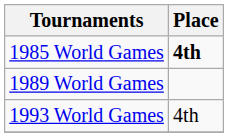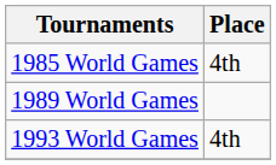 <table class="wikitable collapsible">
 <tr>
 <th>Tournaments</th>
 <th>Place</th>
 </tr>
 <tr>
 <td><a href='#'>1985 World Games</a></td>
-<td><strong>4th</strong></td>
+<td>4th</td>
 </tr>
 <tr>
 <td><a href='#'>1989 World Games</a></td>
 <td></td>
 </tr>
 <tr>
 <td><a href='#'>1993 World Games</a></td>
 <td>4th</td>
 </tr>
 <tr>
 </tr>
 </table>
